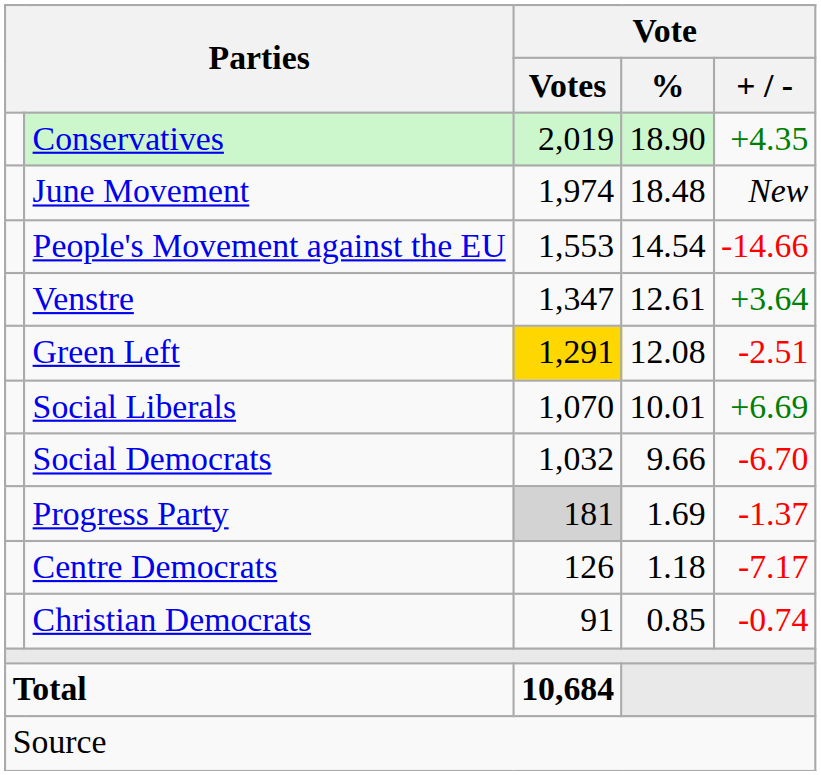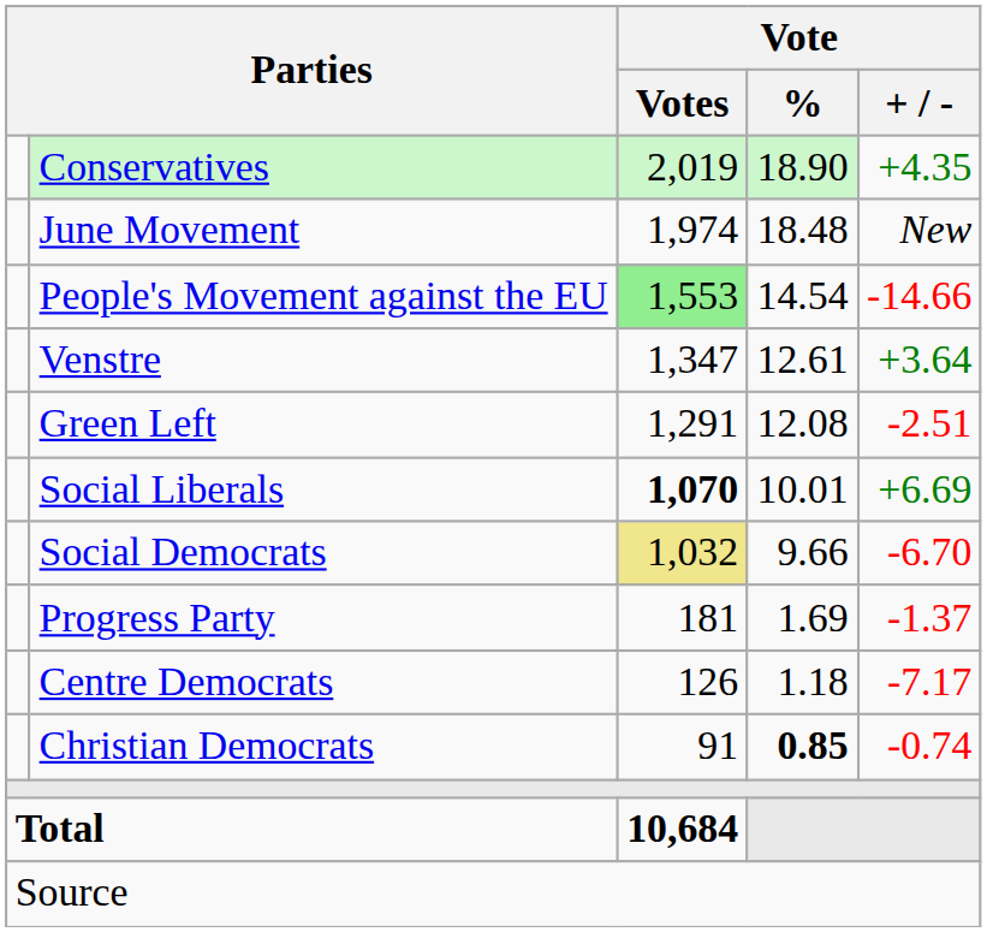 <table class="wikitable" style="text-align:right;">
 <tr>
 <th style="text-align:centre;" rowspan="2" colspan="2" width="225">Parties</th>
 <th colspan="3">Vote</th>
 </tr>
 <tr>
 <th width="15">Votes</th>
 <th width="15">%</th>
 <th width="15">+ / -</th>
 </tr>
 <tr>
 <td width="2" style="color:inherit;background:"></td>
 <td bgcolor=#ccf7cc   align="left"><a href='#'>Conservatives</a></td>
 <td bgcolor=#ccf7cc>2,019</td>
 <td bgcolor=#ccf7cc>18.90</td>
 <td style=color:green;>+4.35</td>
 </tr>
 <tr>
 <td width="2" style="color:inherit;background:"></td>
 <td align="left"><a href='#'>June Movement</a></td>
 <td>1,974</td>
 <td>18.48</td>
 <td><em>New</em></td>
 </tr>
 <tr>
 <td width="2" style="color:inherit;background:"></td>
 <td align="left"><a href='#'>People's Movement against the EU</a></td>
-<td>1,553</td>
+<td style="background: lightgreen;">1,553</td>
 <td>14.54</td>
 <td style=color:red;>-14.66</td>
 </tr>
 <tr>
 <td width="2" style="color:inherit;background:"></td>
 <td align="left"><a href='#'>Venstre</a></td>
 <td>1,347</td>
 <td>12.61</td>
 <td style=color:green;>+3.64</td>
 </tr>
 <tr>
 <td width="2" style="color:inherit;background:"></td>
 <td align="left"><a href='#'>Green Left</a></td>
-<td style="background: gold;">1,291</td>
+<td>1,291</td>
 <td>12.08</td>
 <td style=color:red;>-2.51</td>
 </tr>
 <tr>
 <td width="2" style="color:inherit;background:"></td>
 <td align="left"><a href='#'>Social Liberals</a></td>
-<td>1,070</td>
+<td><strong>1,070</strong></td>
 <td>10.01</td>
 <td style=color:green;>+6.69</td>
 </tr>
 <tr>
 <td width="2" style="color:inherit;background:"></td>
 <td align="left"><a href='#'>Social Democrats</a></td>
-<td>1,032</td>
+<td style="background: khaki;">1,032</td>
 <td>9.66</td>
 <td style=color:red;>-6.70</td>
 </tr>
 <tr>
 <td width="2" style="color:inherit;background:"></td>
 <td align="left"><a href='#'>Progress Party</a></td>
-<td style="background: lightgrey;">181</td>
+<td>181</td>
 <td>1.69</td>
 <td style=color:red;>-1.37</td>
 </tr>
 <tr>
 <td width="2" style="color:inherit;background:"></td>
 <td align="left"><a href='#'>Centre Democrats</a></td>
 <td>126</td>
 <td>1.18</td>
 <td style=color:red;>-7.17</td>
 </tr>
 <tr>
 <td width="2" style="color:inherit;background:"></td>
 <td align="left"><a href='#'>Christian Democrats</a></td>
 <td>91</td>
-<td>0.85</td>
+<td><strong>0.85</strong></td>
 <td style=color:red;>-0.74</td>
 </tr>
 <tr>
 <td colspan="7" bgcolor="#E9E9E9"></td>
 </tr>
 <tr>
 <td align="left" colspan="2"><strong>Total</strong></td>
 <td><strong>10,684</strong></td>
 <td bgcolor="#E9E9E9" colspan="2"></td>
 </tr>
 <tr>
 <td align="left" colspan="6">Source</td>
 </tr>
 </table>
